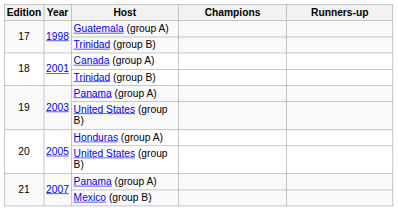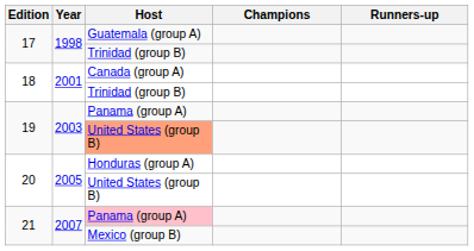 <table class="wikitable">
 <tr>
 <th width="3">Edition</th>
 <th idth="60">Year</th>
 <th width="180">Host</th>
 <th width="180">Champions</th>
 <th width="180">Runners-up</th>
 </tr>
 <tr>
 <td align="center" rowspan="2">17</td>
 <td align="center" rowspan="2"><a href='#'>1998</a></td>
 <td> <a href='#'>Guatemala</a> (group A)</td>
 <td></td>
 <td></td>
 </tr>
 <tr>
 <td> <a href='#'>Trinidad</a> (group B)</td>
 <td></td>
 <td></td>
 </tr>
 <tr bgcolor="FFFFFF">
 <td align="center" rowspan="2">18</td>
 <td align="center" rowspan="2"><a href='#'>2001</a></td>
 <td> <a href='#'>Canada</a> (group A)</td>
 <td></td>
 <td></td>
 </tr>
 <tr bgcolor="FFFFFF">
 <td> <a href='#'>Trinidad</a> (group B)</td>
 <td></td>
 <td></td>
 </tr>
 <tr>
 <td align="center" rowspan="2">19</td>
 <td align="center" rowspan="2"><a href='#'>2003</a></td>
 <td> <a href='#'>Panama</a> (group A)</td>
 <td></td>
 <td></td>
 </tr>
 <tr>
-<td> <a href='#'>United States</a> (group B)</td>
+<td style="background: lightsalmon;"> <a href='#'>United States</a> (group B)</td>
 <td></td>
 <td></td>
 </tr>
 <tr bgcolor="FFFFFF">
 <td align="center" rowspan="2">20</td>
 <td align="center" rowspan="2"><a href='#'>2005</a></td>
 <td> <a href='#'>Honduras</a> (group A)</td>
 <td></td>
 <td></td>
 </tr>
 <tr bgcolor="FFFFFF">
 <td> <a href='#'>United States</a> (group B)</td>
 <td></td>
 <td></td>
 </tr>
 <tr>
 <td align="center" rowspan="2">21</td>
 <td align="center" rowspan="2"><a href='#'>2007</a></td>
-<td> <a href='#'>Panama</a> (group A)</td>
+<td style="background: pink;"> <a href='#'>Panama</a> (group A)</td>
 <td></td>
 <td></td>
 </tr>
 <tr>
 <td> <a href='#'>Mexico</a> (group B)</td>
 <td></td>
 <td></td>
 </tr>
 </table>
